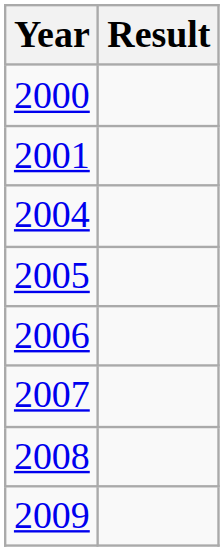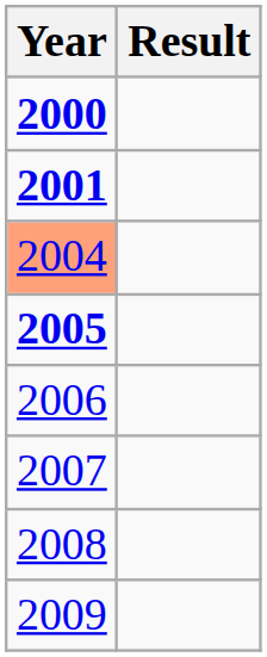 <table class="wikitable" style="text-align:center">
 <tr>
 <th>Year</th>
 <th>Result</th>
 </tr>
 <tr>
-<td><a href='#'>2000</a></td>
+<td><strong><a href='#'>2000</a></strong></td>
 <td></td>
 </tr>
 <tr>
-<td><a href='#'>2001</a></td>
+<td><strong><a href='#'>2001</a></strong></td>
 <td></td>
 </tr>
 <tr>
-<td><a href='#'>2004</a></td>
+<td style="background: lightsalmon;"><a href='#'>2004</a></td>
 <td></td>
 </tr>
 <tr>
-<td><a href='#'>2005</a></td>
+<td><strong><a href='#'>2005</a></strong></td>
 <td></td>
 </tr>
 <tr>
 <td><a href='#'>2006</a></td>
 <td></td>
 </tr>
 <tr>
 <td><a href='#'>2007</a></td>
 <td></td>
 </tr>
 <tr>
 <td><a href='#'>2008</a></td>
 <td></td>
 </tr>
 <tr>
 <td><a href='#'>2009</a></td>
 <td></td>
 </tr>
 </table>
